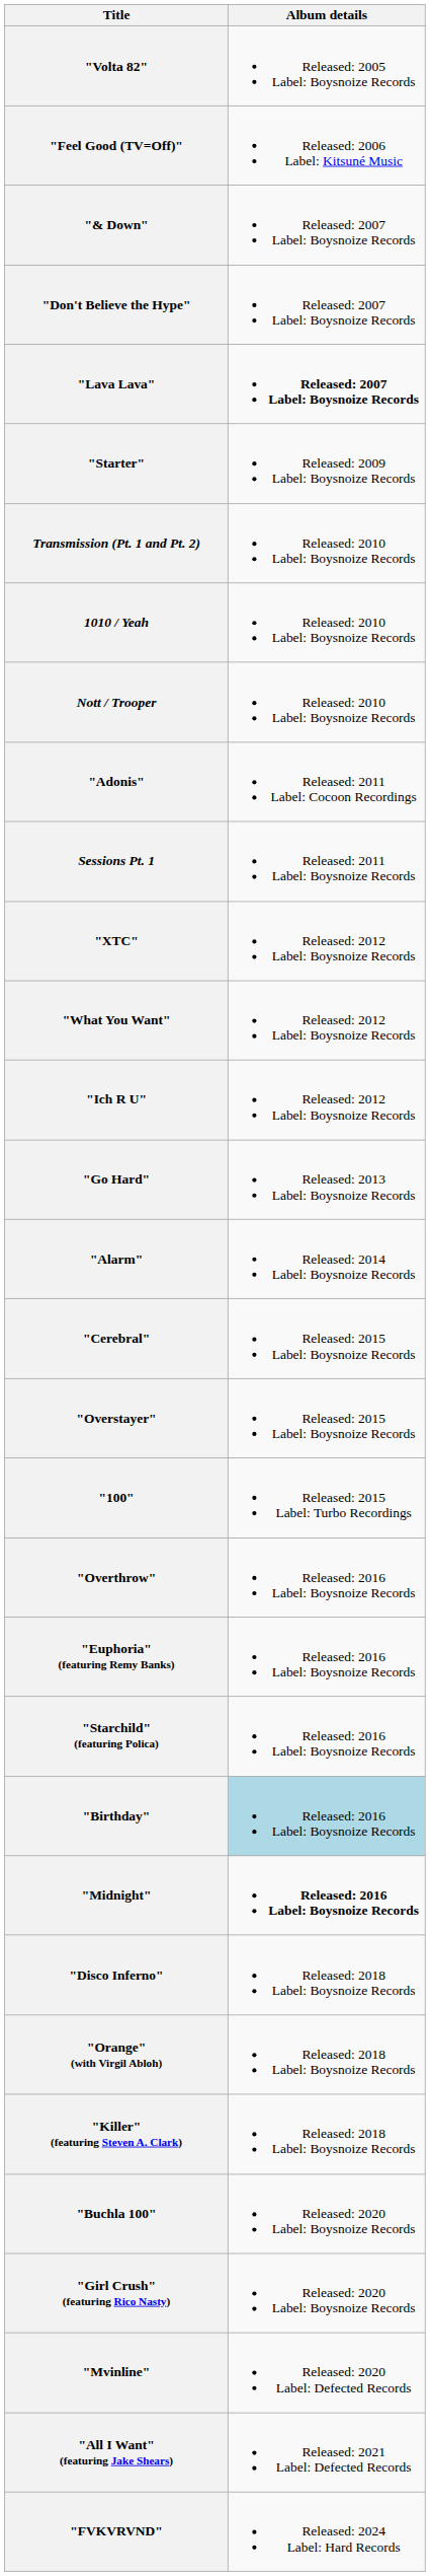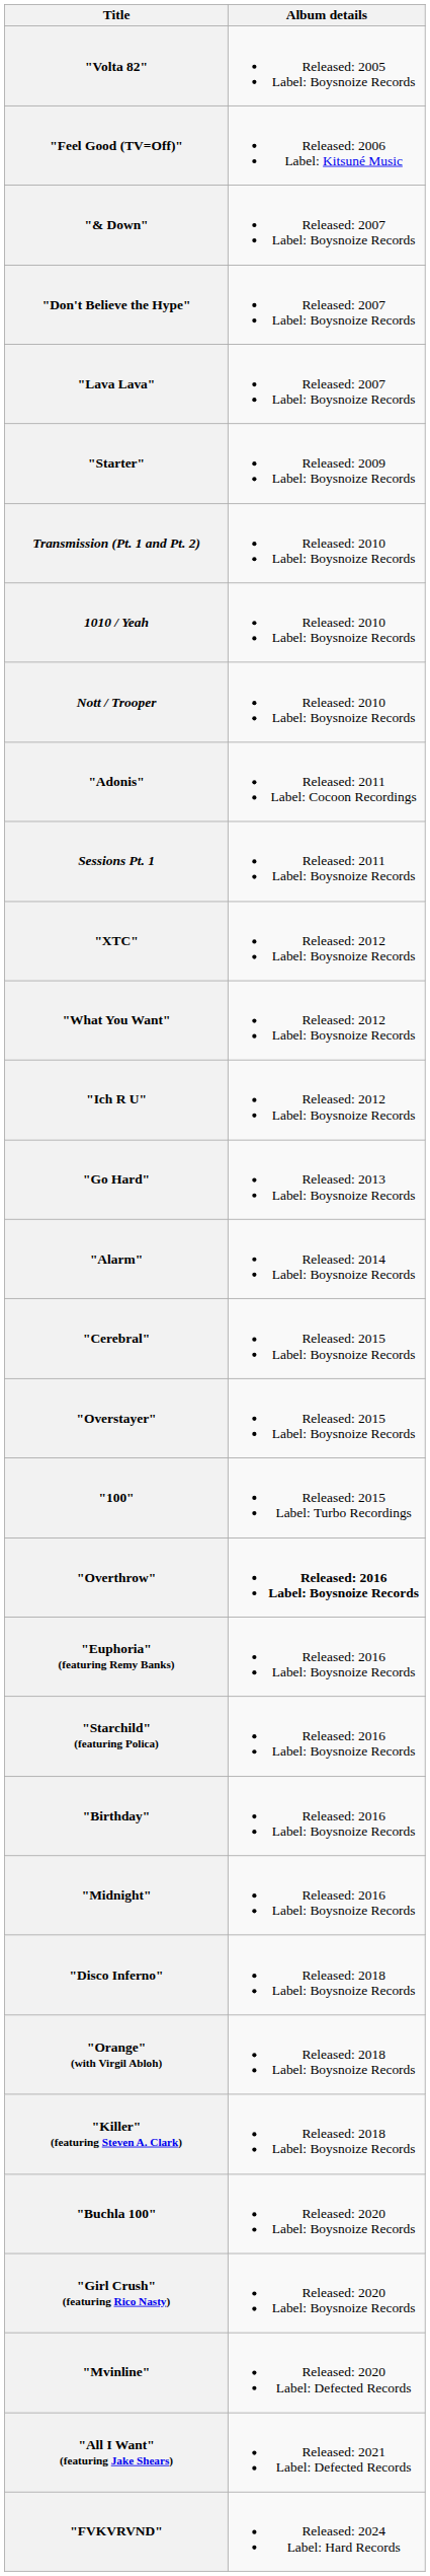 <table class="wikitable plainrowheaders" style="text-align:center;">
 <tr>
 <th scope="col" style="width:16em;">Title</th>
 <th scope="col" style="width:14em;">Album details</th>
 </tr>
 <tr>
 <th scope="row">"Volta 82"</th>
 <td><br><ul><li>Released: 2005</li><li>Label: Boysnoize Records</li></ul></td>
 </tr>
 <tr>
 <th scope="row">"Feel Good (TV=Off)"</th>
 <td><br><ul><li>Released: 2006</li><li>Label: <a href='#'>Kitsuné Music</a></li></ul></td>
 </tr>
 <tr>
 <th scope="row">"& Down"</th>
 <td><br><ul><li>Released: 2007</li><li>Label: Boysnoize Records</li></ul></td>
 </tr>
 <tr>
 <th scope="row">"Don't Believe the Hype"</th>
 <td><br><ul><li>Released: 2007</li><li>Label: Boysnoize Records</li></ul></td>
 </tr>
 <tr>
 <th scope="row">"Lava Lava"</th>
-<td><strong><br><ul><li>Released: 2007</li><li>Label: Boysnoize Records</li></ul></strong></td>
+<td><br><ul><li>Released: 2007</li><li>Label: Boysnoize Records</li></ul></td>
 </tr>
 <tr>
 <th scope="row">"Starter"</th>
 <td><br><ul><li>Released: 2009</li><li>Label: Boysnoize Records</li></ul></td>
 </tr>
 <tr>
 <th scope="row"><em>Transmission (Pt. 1 and Pt. 2)</em></th>
 <td><br><ul><li>Released: 2010</li><li>Label: Boysnoize Records</li></ul></td>
 </tr>
 <tr>
 <th scope="row"><em>1010 / Yeah</em></th>
 <td><br><ul><li>Released: 2010</li><li>Label: Boysnoize Records</li></ul></td>
 </tr>
 <tr>
 <th scope="row"><em>Nott / Trooper</em></th>
 <td><br><ul><li>Released: 2010</li><li>Label: Boysnoize Records</li></ul></td>
 </tr>
 <tr>
 <th scope="row">"Adonis"</th>
 <td><br><ul><li>Released: 2011</li><li>Label: Cocoon Recordings</li></ul></td>
 </tr>
 <tr>
 <th scope="row"><em>Sessions Pt. 1</em></th>
 <td><br><ul><li>Released: 2011</li><li>Label: Boysnoize Records</li></ul></td>
 </tr>
 <tr>
 <th scope="row">"XTC"</th>
 <td><br><ul><li>Released: 2012</li><li>Label: Boysnoize Records</li></ul></td>
 </tr>
 <tr>
 <th scope="row">"What You Want"</th>
 <td><br><ul><li>Released: 2012</li><li>Label: Boysnoize Records</li></ul></td>
 </tr>
 <tr>
 <th scope="row">"Ich R U"</th>
 <td><br><ul><li>Released: 2012</li><li>Label: Boysnoize Records</li></ul></td>
 </tr>
 <tr>
 <th scope="row">"Go Hard"</th>
 <td><br><ul><li>Released: 2013</li><li>Label: Boysnoize Records</li></ul></td>
 </tr>
 <tr>
 <th scope="row">"Alarm"</th>
 <td><br><ul><li>Released: 2014</li><li>Label: Boysnoize Records</li></ul></td>
 </tr>
 <tr>
 <th scope="row">"Cerebral"</th>
 <td><br><ul><li>Released: 2015</li><li>Label: Boysnoize Records</li></ul></td>
 </tr>
 <tr>
 <th scope="row">"Overstayer"</th>
 <td><br><ul><li>Released: 2015</li><li>Label: Boysnoize Records</li></ul></td>
 </tr>
 <tr>
 <th scope="row">"100"</th>
 <td><br><ul><li>Released: 2015</li><li>Label: Turbo Recordings</li></ul></td>
 </tr>
 <tr>
 <th scope="row">"Overthrow"</th>
-<td><br><ul><li>Released: 2016</li><li>Label: Boysnoize Records</li></ul></td>
+<td><strong><br><ul><li>Released: 2016</li><li>Label: Boysnoize Records</li></ul></strong></td>
 </tr>
 <tr>
 <th scope="row">"Euphoria"<br><small>(featuring Remy Banks)</small></th>
 <td><br><ul><li>Released: 2016</li><li>Label: Boysnoize Records</li></ul></td>
 </tr>
 <tr>
 <th scope="row">"Starchild"<br><small>(featuring Polica)</small></th>
 <td><br><ul><li>Released: 2016</li><li>Label: Boysnoize Records</li></ul></td>
 </tr>
 <tr>
 <th scope="row">"Birthday"</th>
-<td style="background: lightblue;"><br><ul><li>Released: 2016</li><li>Label: Boysnoize Records</li></ul></td>
+<td><br><ul><li>Released: 2016</li><li>Label: Boysnoize Records</li></ul></td>
 </tr>
 <tr>
 <th scope="row">"Midnight"</th>
-<td><strong><br><ul><li>Released: 2016</li><li>Label: Boysnoize Records</li></ul></strong></td>
+<td><br><ul><li>Released: 2016</li><li>Label: Boysnoize Records</li></ul></td>
 </tr>
 <tr>
 <th scope="row">"Disco Inferno"</th>
 <td><br><ul><li>Released: 2018</li><li>Label: Boysnoize Records</li></ul></td>
 </tr>
 <tr>
 <th scope="row">"Orange" <br><small>(with Virgil Abloh)</small></th>
 <td><br><ul><li>Released: 2018</li><li>Label: Boysnoize Records</li></ul></td>
 </tr>
 <tr>
 <th scope="row">"Killer" <br><small>(featuring <a href='#'>Steven A. Clark</a>)</small></th>
 <td><br><ul><li>Released: 2018</li><li>Label: Boysnoize Records</li></ul></td>
 </tr>
 <tr>
 <th scope="row">"Buchla 100"</th>
 <td><br><ul><li>Released: 2020</li><li>Label: Boysnoize Records</li></ul></td>
 </tr>
 <tr>
 <th scope="row">"Girl Crush"<br><small>(featuring <a href='#'>Rico Nasty</a>)</small></th>
 <td><br><ul><li>Released: 2020</li><li>Label: Boysnoize Records</li></ul></td>
 </tr>
 <tr>
 <th scope="row">"Mvinline"</th>
 <td><br><ul><li>Released: 2020</li><li>Label: Defected Records</li></ul></td>
 </tr>
 <tr>
 <th scope="row">"All I Want"<br><small>(featuring <a href='#'>Jake Shears</a>)</small></th>
 <td><br><ul><li>Released: 2021</li><li>Label: Defected Records</li></ul></td>
 </tr>
 <tr>
 <th scope="row">"FVKVRVND"</th>
 <td><br><ul><li>Released: 2024</li><li>Label: Hard Records</li></ul></td>
 </tr>
 </table>
